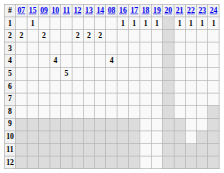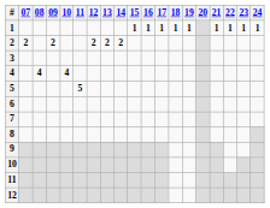 <table class="wikitable" style="text-align: center; font-size:80%">
 <tr>
 <th>#</th>
 <th><strong><a href='#'>07</a></strong></th>
-<th><strong><a href='#'>15</a></strong></th>
+<th><strong><a href='#'>08</a></strong></th>
 <th><strong><a href='#'>09</a></strong></th>
 <th><strong><a href='#'>10</a></strong></th>
 <th><strong><a href='#'>11</a></strong></th>
 <th><strong><a href='#'>12</a></strong></th>
 <th><strong><a href='#'>13</a></strong></th>
 <th><strong><a href='#'>14</a></strong></th>
-<th><strong><a href='#'>08</a></strong></th>
+<th><strong><a href='#'>15</a></strong></th>
 <th><strong><a href='#'>16</a></strong></th>
 <th><strong><a href='#'>17</a></strong></th>
 <th><strong><a href='#'>18</a></strong></th>
 <th><strong><a href='#'>19</a></strong></th>
 <th><strong><a href='#'>20</a></strong></th>
 <th><strong><a href='#'>21</a></strong></th>
 <th><strong><a href='#'>22</a></strong></th>
 <th><strong><a href='#'>23</a></strong></th>
 <th><strong><a href='#'>24</a></strong></th>
 </tr>
 <tr>
 <th>1</th>
 <td></td>
-<td><span><strong>1</strong></span></td>
 <td></td>
 <td></td>
 <td></td>
 <td></td>
 <td></td>
 <td></td>
 <td></td>
+<td><span><strong>1</strong></span></td>
 <td><span><strong>1</strong></span></td>
 <td><span><strong>1</strong></span></td>
 <td><span><strong>1</strong></span></td>
 <td><span><strong>1</strong></span></td>
 <td style="background:#dcdcdc"></td>
 <td><span><strong>1</strong></span></td>
 <td><span><strong>1</strong></span></td>
 <td><span><strong>1</strong></span></td>
 <td><span><strong>1</strong></span></td>
 </tr>
 <tr>
 <th>2</th>
 <td><span><strong>2</strong></span></td>
 <td></td>
 <td><span><strong>2</strong></span></td>
 <td></td>
 <td></td>
 <td><span><strong>2</strong></span></td>
 <td><span><strong>2</strong></span></td>
 <td><span><strong>2</strong></span></td>
 <td></td>
 <td></td>
 <td></td>
 <td></td>
 <td></td>
 <td style="background:#dcdcdc"></td>
 <td></td>
 <td></td>
 <td></td>
 <td></td>
 </tr>
 <tr>
 <th>3</th>
 <td></td>
 <td></td>
 <td></td>
 <td></td>
 <td></td>
 <td></td>
 <td></td>
 <td></td>
 <td></td>
 <td></td>
 <td></td>
 <td></td>
 <td></td>
 <td style="background:#dcdcdc"></td>
 <td></td>
 <td></td>
 <td></td>
 <td></td>
 </tr>
 <tr>
 <th>4</th>
 <td></td>
-<td></td>
+<td><span><strong>4</strong></span></td>
 <td></td>
 <td><span><strong>4</strong></span></td>
 <td></td>
 <td></td>
 <td></td>
 <td></td>
-<td><span><strong>4</strong></span></td>
+<td></td>
 <td></td>
 <td></td>
 <td></td>
 <td></td>
 <td style="background:#dcdcdc"></td>
 <td></td>
 <td></td>
 <td></td>
 <td></td>
 </tr>
 <tr>
 <th>5</th>
 <td></td>
 <td></td>
 <td></td>
 <td></td>
 <td><span><strong>5</strong></span></td>
 <td></td>
 <td></td>
 <td></td>
 <td></td>
 <td></td>
 <td></td>
 <td></td>
 <td></td>
 <td style="background:#dcdcdc"></td>
 <td></td>
 <td></td>
 <td></td>
 <td></td>
 </tr>
 <tr>
 <th>6</th>
 <td></td>
 <td></td>
 <td></td>
 <td></td>
 <td></td>
 <td></td>
 <td></td>
 <td></td>
 <td></td>
 <td></td>
 <td></td>
 <td></td>
 <td></td>
 <td style="background:#dcdcdc"></td>
 <td></td>
 <td></td>
 <td></td>
 <td></td>
 </tr>
 <tr>
 <th>7</th>
 <td></td>
 <td></td>
 <td></td>
 <td></td>
 <td></td>
 <td></td>
 <td></td>
 <td></td>
 <td></td>
 <td></td>
 <td></td>
 <td></td>
 <td></td>
 <td style="background:#dcdcdc"></td>
 <td></td>
 <td></td>
 <td></td>
 <td></td>
 </tr>
 <tr>
 <th>8</th>
 <td></td>
 <td></td>
 <td></td>
 <td></td>
 <td></td>
 <td></td>
 <td></td>
 <td></td>
 <td></td>
 <td></td>
 <td></td>
 <td></td>
 <td></td>
 <td style="background:#dcdcdc"></td>
 <td></td>
 <td></td>
 <td></td>
 <td style="background:#dcdcdc"></td>
 </tr>
 <tr>
 <th>9</th>
 <td style="background:#dcdcdc"></td>
 <td style="background:#dcdcdc"></td>
 <td style="background:#dcdcdc"></td>
 <td style="background:#dcdcdc"></td>
 <td style="background:#dcdcdc"></td>
 <td style="background:#dcdcdc"></td>
 <td style="background:#dcdcdc"></td>
 <td style="background:#dcdcdc"></td>
 <td style="background:#dcdcdc"></td>
 <td style="background:#dcdcdc"></td>
 <td style="background:#dcdcdc"></td>
 <td></td>
 <td></td>
 <td style="background:#dcdcdc"></td>
 <td style="background:#dcdcdc"></td>
 <td></td>
 <td></td>
 <td style="background:#dcdcdc"></td>
 </tr>
 <tr>
 <th>10</th>
 <td style="background:#dcdcdc"></td>
 <td style="background:#dcdcdc"></td>
 <td style="background:#dcdcdc"></td>
 <td style="background:#dcdcdc"></td>
 <td style="background:#dcdcdc"></td>
 <td style="background:#dcdcdc"></td>
 <td style="background:#dcdcdc"></td>
 <td style="background:#dcdcdc"></td>
 <td style="background:#dcdcdc"></td>
 <td style="background:#dcdcdc"></td>
 <td style="background:#dcdcdc"></td>
 <td></td>
 <td></td>
 <td style="background:#dcdcdc"></td>
 <td style="background:#dcdcdc"></td>
 <td></td>
 <td style="background:#dcdcdc"></td>
 <td style="background:#dcdcdc"></td>
 </tr>
 <tr>
 <th>11</th>
 <td style="background:#dcdcdc"></td>
 <td style="background:#dcdcdc"></td>
 <td style="background:#dcdcdc"></td>
 <td style="background:#dcdcdc"></td>
 <td style="background:#dcdcdc"></td>
 <td style="background:#dcdcdc"></td>
 <td style="background:#dcdcdc"></td>
 <td style="background:#dcdcdc"></td>
 <td style="background:#dcdcdc"></td>
 <td style="background:#dcdcdc"></td>
 <td style="background:#dcdcdc"></td>
 <td></td>
 <td></td>
 <td style="background:#dcdcdc"></td>
 <td style="background:#dcdcdc"></td>
 <td style="background:#dcdcdc"></td>
 <td style="background:#dcdcdc"></td>
 <td style="background:#dcdcdc"></td>
 </tr>
 <tr>
 <th>12</th>
 <td style="background:#dcdcdc"></td>
 <td style="background:#dcdcdc"></td>
 <td style="background:#dcdcdc"></td>
 <td style="background:#dcdcdc"></td>
 <td style="background:#dcdcdc"></td>
 <td style="background:#dcdcdc"></td>
 <td style="background:#dcdcdc"></td>
 <td style="background:#dcdcdc"></td>
 <td style="background:#dcdcdc"></td>
 <td style="background:#dcdcdc"></td>
 <td style="background:#dcdcdc"></td>
 <td></td>
 <td></td>
 <td style="background:#dcdcdc"></td>
 <td style="background:#dcdcdc"></td>
 <td style="background:#dcdcdc"></td>
 <td style="background:#dcdcdc"></td>
 <td style="background:#dcdcdc"></td>
 </tr>
 </table>
